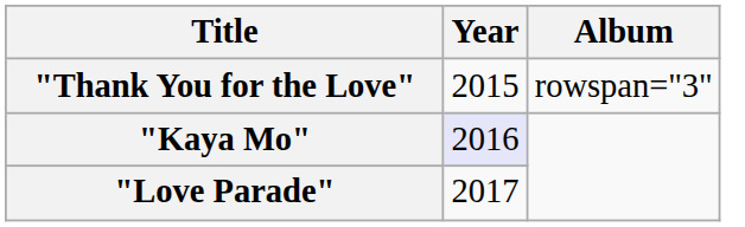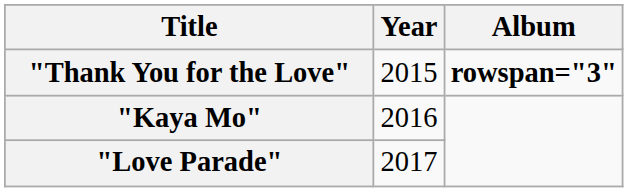 <table class="wikitable plainrowheaders" style="text-align:center;">
 <tr>
 <th scope="col" rowspan="1" style="width:200px;">Title</th>
 <th scope="col" rowspan="1">Year</th>
 <th scope="col" rowspan="1">Album</th>
 </tr>
 <tr>
 <th scope="row">"Thank You for the Love" <br> </th>
 <td>2015</td>
-<td>rowspan="3" </td>
+<td><strong>rowspan="3" </strong></td>
 </tr>
 <tr>
 <th scope="row">"Kaya Mo" <br> </th>
-<td style="background: lavender;">2016</td>
+<td>2016</td>
 </tr>
 <tr>
 <th scope="row">"Love Parade" <br> </th>
 <td>2017</td>
 </tr>
 </table>
